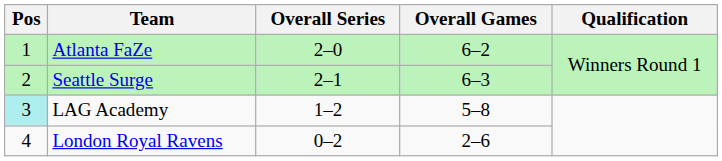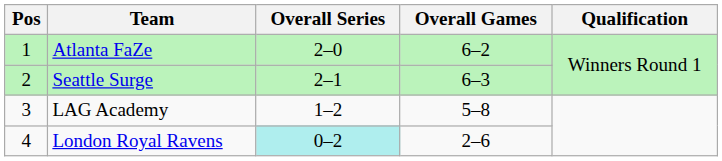 <table class="wikitable" width="600px" style="text-align:center">
 <tr>
 <th>Pos</th>
 <th>Team</th>
 <th>Overall Series</th>
 <th>Overall Games</th>
 <th>Qualification</th>
 </tr>
 <tr style="background:#BBF3BB">
 <td>1</td>
 <td style="text-align:left"><a href='#'>Atlanta FaZe</a></td>
 <td>2–0</td>
 <td>6–2</td>
 <td rowspan="2">Winners Round 1</td>
 </tr>
 <tr style="background:#BBF3BB">
 <td>2</td>
 <td style="text-align:left"><a href='#'>Seattle Surge</a></td>
 <td>2–1</td>
 <td>6–3</td>
 </tr>
 <tr>
-<td style="background: paleturquoise;">3</td>
+<td>3</td>
 <td style="text-align:left;">LAG Academy</td>
 <td>1–2</td>
 <td>5–8</td>
 </tr>
 <tr>
 <td>4</td>
 <td style="text-align:left;"><a href='#'>London Royal Ravens</a></td>
-<td>0–2</td>
+<td style="background: paleturquoise;">0–2</td>
 <td>2–6</td>
 </tr>
 </table>
